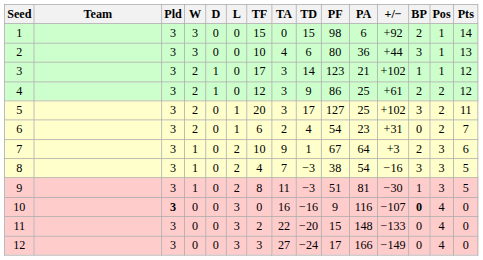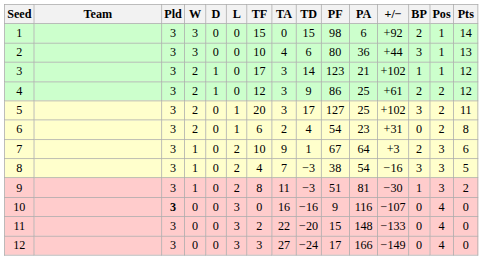 <table class="wikitable" style="text-align:center">
 <tr>
 <th width="20">Seed</th>
 <th width="160">Team</th>
 <th width="20">Pld</th>
 <th width="20">W</th>
 <th width="20">D</th>
 <th width="20">L</th>
 <th width="25">TF</th>
 <th width="25">TA</th>
 <th width="25">TD</th>
 <th width="30">PF</th>
 <th width="30">PA</th>
 <th width="30">+/−</th>
 <th width="20">BP</th>
 <th width="20">Pos</th>
 <th width="25">Pts</th>
 </tr>
 <tr style="background:#cfc;">
 <td>1</td>
 <td align=left></td>
 <td>3</td>
 <td>3</td>
 <td>0</td>
 <td>0</td>
 <td>15</td>
 <td>0</td>
 <td>15</td>
 <td>98</td>
 <td>6</td>
 <td>+92</td>
 <td>2</td>
 <td>1</td>
 <td>14</td>
 </tr>
 <tr style="background:#cfc;">
 <td>2</td>
 <td align=left></td>
 <td>3</td>
 <td>3</td>
 <td>0</td>
 <td>0</td>
 <td>10</td>
 <td>4</td>
 <td>6</td>
 <td>80</td>
 <td>36</td>
 <td>+44</td>
 <td>3</td>
 <td>1</td>
 <td>13</td>
 </tr>
 <tr style="background:#cfc;">
 <td>3</td>
 <td align=left></td>
 <td>3</td>
 <td>2</td>
 <td>1</td>
 <td>0</td>
 <td>17</td>
 <td>3</td>
 <td>14</td>
 <td>123</td>
 <td>21</td>
 <td>+102</td>
 <td>1</td>
 <td>1</td>
 <td>12</td>
 </tr>
 <tr style="background:#cfc;">
 <td>4</td>
 <td align=left></td>
 <td>3</td>
 <td>2</td>
 <td>1</td>
 <td>0</td>
 <td>12</td>
 <td>3</td>
 <td>9</td>
 <td>86</td>
 <td>25</td>
 <td>+61</td>
 <td>2</td>
 <td>2</td>
 <td>12</td>
 </tr>
 <tr style="background:#ffc;">
 <td>5</td>
 <td align=left></td>
 <td>3</td>
 <td>2</td>
 <td>0</td>
 <td>1</td>
 <td>20</td>
 <td>3</td>
 <td>17</td>
 <td>127</td>
 <td>25</td>
 <td>+102</td>
 <td>3</td>
 <td>2</td>
 <td>11</td>
 </tr>
 <tr style="background:#ffc;">
 <td>6</td>
 <td align=left></td>
 <td>3</td>
 <td>2</td>
 <td>0</td>
 <td>1</td>
 <td>6</td>
 <td>2</td>
 <td>4</td>
 <td>54</td>
 <td>23</td>
 <td>+31</td>
 <td>0</td>
 <td>2</td>
-<td>7</td>
+<td>8</td>
 </tr>
 <tr style="background:#ffc;">
 <td>7</td>
 <td align=left></td>
 <td>3</td>
 <td>1</td>
 <td>0</td>
 <td>2</td>
 <td>10</td>
 <td>9</td>
 <td>1</td>
 <td>67</td>
 <td>64</td>
 <td>+3</td>
 <td>2</td>
 <td>3</td>
 <td>6</td>
 </tr>
 <tr style="background:#ffc;">
 <td>8</td>
 <td align=left></td>
 <td>3</td>
 <td>1</td>
 <td>0</td>
 <td>2</td>
 <td>4</td>
 <td>7</td>
 <td>−3</td>
 <td>38</td>
 <td>54</td>
 <td>−16</td>
 <td>3</td>
 <td>3</td>
 <td>5</td>
 </tr>
 <tr style="background:#fcc;">
 <td>9</td>
 <td align=left></td>
 <td>3</td>
 <td>1</td>
 <td>0</td>
 <td>2</td>
 <td>8</td>
 <td>11</td>
 <td>−3</td>
 <td>51</td>
 <td>81</td>
 <td>−30</td>
 <td>1</td>
 <td>3</td>
-<td>5</td>
+<td>2</td>
 </tr>
 <tr style="background:#fcc;">
 <td>10</td>
 <td align=left></td>
 <td><strong>3</strong></td>
 <td>0</td>
 <td>0</td>
 <td>3</td>
 <td>0</td>
 <td>16</td>
 <td>−16</td>
 <td>9</td>
 <td>116</td>
 <td>−107</td>
-<td><strong>0</strong></td>
+<td>0</td>
 <td>4</td>
 <td>0</td>
 </tr>
 <tr style="background:#fcc;">
 <td>11</td>
 <td align=left></td>
 <td>3</td>
 <td>0</td>
 <td>0</td>
 <td>3</td>
 <td>2</td>
 <td>22</td>
 <td>−20</td>
 <td>15</td>
 <td>148</td>
 <td>−133</td>
 <td>0</td>
 <td>4</td>
 <td>0</td>
 </tr>
 <tr style="background:#fcc;">
 <td>12</td>
 <td align=left></td>
 <td>3</td>
 <td>0</td>
 <td>0</td>
 <td>3</td>
 <td>3</td>
 <td>27</td>
 <td>−24</td>
 <td>17</td>
 <td>166</td>
 <td>−149</td>
 <td>0</td>
 <td>4</td>
 <td>0</td>
 </tr>
 </table>
